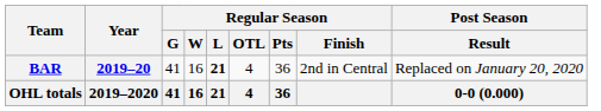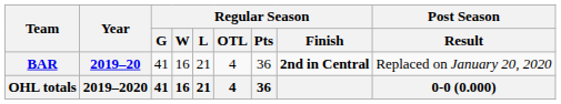 <table class="wikitable" style="font-size: 95%; text-align:center;">
 <tr>
 <th rowspan="2">Team</th>
 <th rowspan="2">Year</th>
 <th colspan="6">Regular Season</th>
 <th colspan="1">Post Season</th>
 </tr>
 <tr>
 <th>G</th>
 <th>W</th>
 <th>L</th>
 <th>OTL</th>
 <th>Pts</th>
 <th>Finish</th>
 <th>Result</th>
 </tr>
 <tr>
 <th><a href='#'>BAR</a></th>
 <th><a href='#'>2019–20</a></th>
 <td>41</td>
 <td>16</td>
-<td><strong>21</strong></td>
+<td>21</td>
 <td>4</td>
 <td>36</td>
-<td>2nd in Central</td>
+<td><strong>2nd in Central</strong></td>
 <td>Replaced on <em>January 20, 2020</em></td>
 </tr>
 <tr align="centre" bgcolor="#dddddd">
 <th>OHL totals</th>
 <th>2019–2020</th>
 <th>41</th>
 <th>16</th>
 <th>21</th>
 <th>4</th>
 <th>36</th>
 <th></th>
 <th>0-0 (0.000)</th>
 </tr>
 </table>
